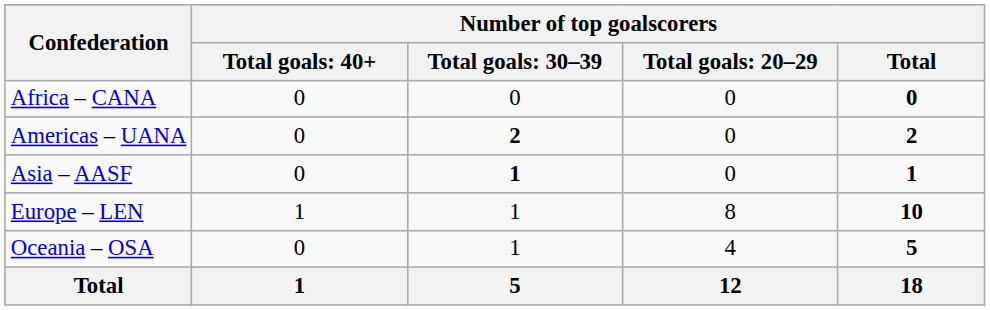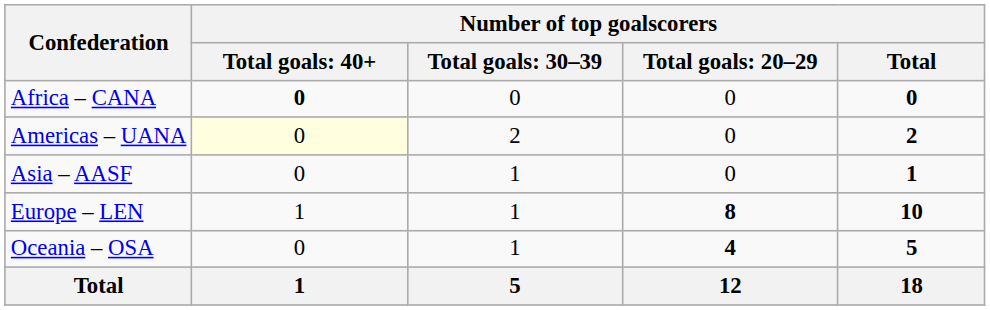 <table class="wikitable sortable" style="text-align: center; font-size: 90%; margin-left: 1em;">
 <tr>
 <th rowspan="2">Confederation</th>
 <th colspan="4">Number of top goalscorers</th>
 </tr>
 <tr>
 <th style="width: 9em;">Total goals: 40+</th>
 <th style="width: 9em;">Total goals: 30–39</th>
 <th style="width: 9em;">Total goals: 20–29</th>
 <th style="width: 6em;">Total</th>
 </tr>
 <tr>
 <td style="text-align: left;"><a href='#'>Africa</a> – <a href='#'>CANA</a></td>
-<td>0</td>
+<td><strong>0</strong></td>
 <td>0</td>
 <td>0</td>
 <td><strong>0</strong></td>
 </tr>
 <tr>
 <td style="text-align: left;"><a href='#'>Americas</a> – <a href='#'>UANA</a></td>
-<td>0</td>
-<td><strong>2</strong></td>
+<td style="background: lightyellow;">0</td>
+<td>2</td>
 <td>0</td>
 <td><strong>2</strong></td>
 </tr>
 <tr>
 <td style="text-align: left;"><a href='#'>Asia</a> – <a href='#'>AASF</a></td>
 <td>0</td>
-<td><strong>1</strong></td>
+<td>1</td>
 <td>0</td>
 <td><strong>1</strong></td>
 </tr>
 <tr>
 <td style="text-align: left;"><a href='#'>Europe</a> – <a href='#'>LEN</a></td>
 <td>1</td>
 <td>1</td>
-<td>8</td>
+<td><strong>8</strong></td>
 <td><strong>10</strong></td>
 </tr>
 <tr>
 <td style="text-align: left;"><a href='#'>Oceania</a> – <a href='#'>OSA</a></td>
 <td>0</td>
 <td>1</td>
-<td>4</td>
+<td><strong>4</strong></td>
 <td><strong>5</strong></td>
 </tr>
 <tr>
 <th>Total</th>
 <th>1</th>
 <th>5</th>
 <th>12</th>
 <th>18</th>
 </tr>
 </table>
